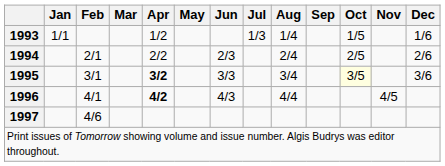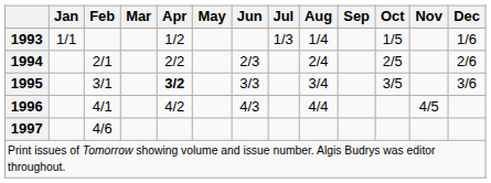 <table class="wikitable" style="font-size: 10pt; line-height: 11pt; margin-right: 2em; text-align: center; float: left; max-width: 450px">
 <tr>
 <th></th>
 <th>Jan</th>
 <th>Feb</th>
 <th>Mar</th>
 <th>Apr</th>
 <th>May</th>
 <th>Jun</th>
 <th>Jul</th>
 <th>Aug</th>
 <th>Sep</th>
 <th>Oct</th>
 <th>Nov</th>
 <th>Dec</th>
 </tr>
 <tr>
 <th>1993</th>
 <td>1/1</td>
 <td></td>
 <td></td>
 <td>1/2</td>
 <td></td>
 <td></td>
 <td>1/3</td>
 <td>1/4</td>
 <td></td>
 <td>1/5</td>
 <td></td>
 <td>1/6</td>
 </tr>
 <tr>
 <th>1994</th>
 <td></td>
 <td>2/1</td>
 <td></td>
 <td>2/2</td>
 <td></td>
 <td>2/3</td>
 <td></td>
 <td>2/4</td>
 <td></td>
 <td>2/5</td>
 <td></td>
 <td>2/6</td>
 </tr>
 <tr>
 <th>1995</th>
 <td></td>
 <td>3/1</td>
 <td></td>
 <td><strong>3/2</strong></td>
 <td></td>
 <td>3/3</td>
 <td></td>
 <td>3/4</td>
 <td></td>
-<td style="background: lightyellow;">3/5</td>
+<td>3/5</td>
 <td></td>
 <td>3/6</td>
 </tr>
 <tr>
 <th>1996</th>
 <td></td>
 <td>4/1</td>
 <td></td>
-<td><strong>4/2</strong></td>
+<td>4/2</td>
 <td></td>
 <td>4/3</td>
 <td></td>
 <td>4/4</td>
 <td></td>
 <td></td>
 <td>4/5</td>
 <td></td>
 </tr>
 <tr>
 <th>1997</th>
 <td></td>
 <td>4/6</td>
 <td></td>
 <td></td>
 <td></td>
 <td></td>
 <td></td>
 <td></td>
 <td></td>
 <td></td>
 <td></td>
 <td></td>
 </tr>
 <tr>
 <td colspan="13" style="font-size: 8pt; text-align:left">Print issues of <em>Tomorrow</em> showing volume and issue number.  Algis Budrys was editor throughout.</td>
 </tr>
 </table>
